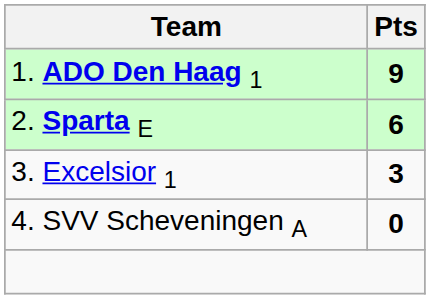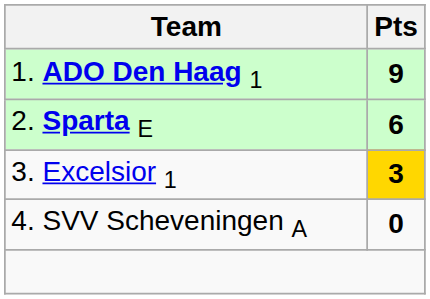 <table class="wikitable" style="text-align:center; float:left; margin-right:1em">
 <tr>
 <th style="width:200px">Team</th>
 <th width=20>Pts</th>
 </tr>
 <tr bgcolor=ccffcc>
 <td align=left>1. <strong><a href='#'>ADO Den Haag</a></strong> <sub>1</sub></td>
 <td><strong>9</strong></td>
 </tr>
 <tr bgcolor=ccffcc>
 <td align=left>2. <strong><a href='#'>Sparta</a></strong> <sub>E</sub></td>
 <td><strong>6</strong></td>
 </tr>
 <tr>
 <td align=left>3. <a href='#'>Excelsior</a> <sub>1</sub></td>
-<td><strong>3</strong></td>
+<td style="background: gold;"><strong>3</strong></td>
 </tr>
 <tr>
 <td align=left>4. SVV Scheveningen <sub>A</sub></td>
 <td><strong>0</strong></td>
 </tr>
 <tr>
 <td colspan=2> </td>
 </tr>
 </table>
